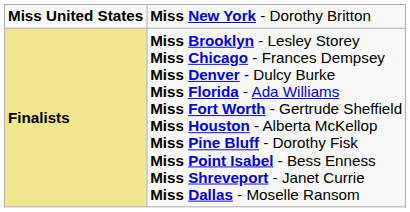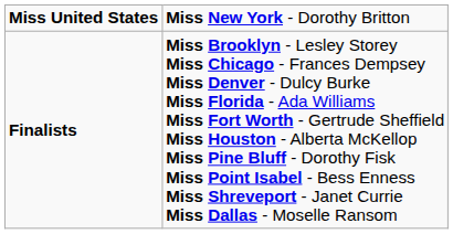 <table class="wikitable">
 <tr>
 <td><strong>Miss United States</strong></td>
 <td> <strong>Miss <a href='#'>New York</a></strong> - Dorothy Britton</td>
 </tr>
 <tr>
-<td style="background: khaki;"><strong>Finalists</strong></td>
+<td><strong>Finalists</strong></td>
 <td> <strong>Miss <a href='#'>Brooklyn</a></strong> - Lesley Storey<br> <strong>Miss <a href='#'>Chicago</a></strong> - Frances Dempsey <br> <strong>Miss <a href='#'>Denver</a></strong> - Dulcy Burke <br> <strong>Miss <a href='#'>Florida</a></strong> - <a href='#'>Ada Williams</a> <br> <strong>Miss <a href='#'>Fort Worth</a></strong> - Gertrude Sheffield <br> <strong>Miss <a href='#'>Houston</a></strong> - Alberta McKellop <br> <strong>Miss <a href='#'>Pine Bluff</a></strong> - Dorothy Fisk <br> <strong>Miss <a href='#'>Point Isabel</a></strong> - Bess Enness <br> <strong>Miss <a href='#'>Shreveport</a></strong> - Janet Currie <br> <strong>Miss <a href='#'>Dallas</a></strong> - Moselle Ransom</td>
 </tr>
 </table>
